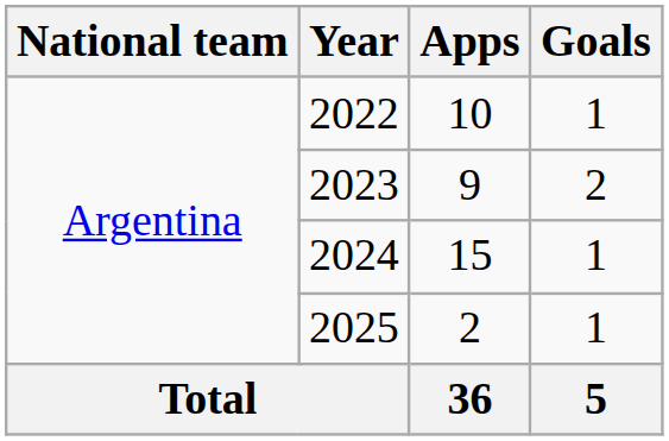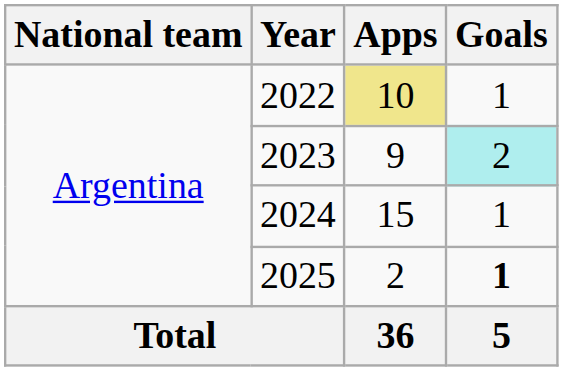 <table class="wikitable" style="text-align: center;">
 <tr>
 <th>National team</th>
 <th>Year</th>
 <th>Apps</th>
 <th>Goals</th>
 </tr>
 <tr>
 <td rowspan="4"><a href='#'>Argentina</a></td>
 <td>2022</td>
-<td>10</td>
+<td style="background: khaki;">10</td>
 <td>1</td>
 </tr>
 <tr>
 <td>2023</td>
 <td>9</td>
-<td>2</td>
+<td style="background: paleturquoise;">2</td>
 </tr>
 <tr>
 <td>2024</td>
 <td>15</td>
 <td>1</td>
 </tr>
 <tr>
 <td>2025</td>
 <td>2</td>
-<td>1</td>
+<td><strong>1</strong></td>
 </tr>
 <tr>
 <th colspan="2">Total</th>
 <th>36</th>
 <th>5</th>
 </tr>
 </table>
